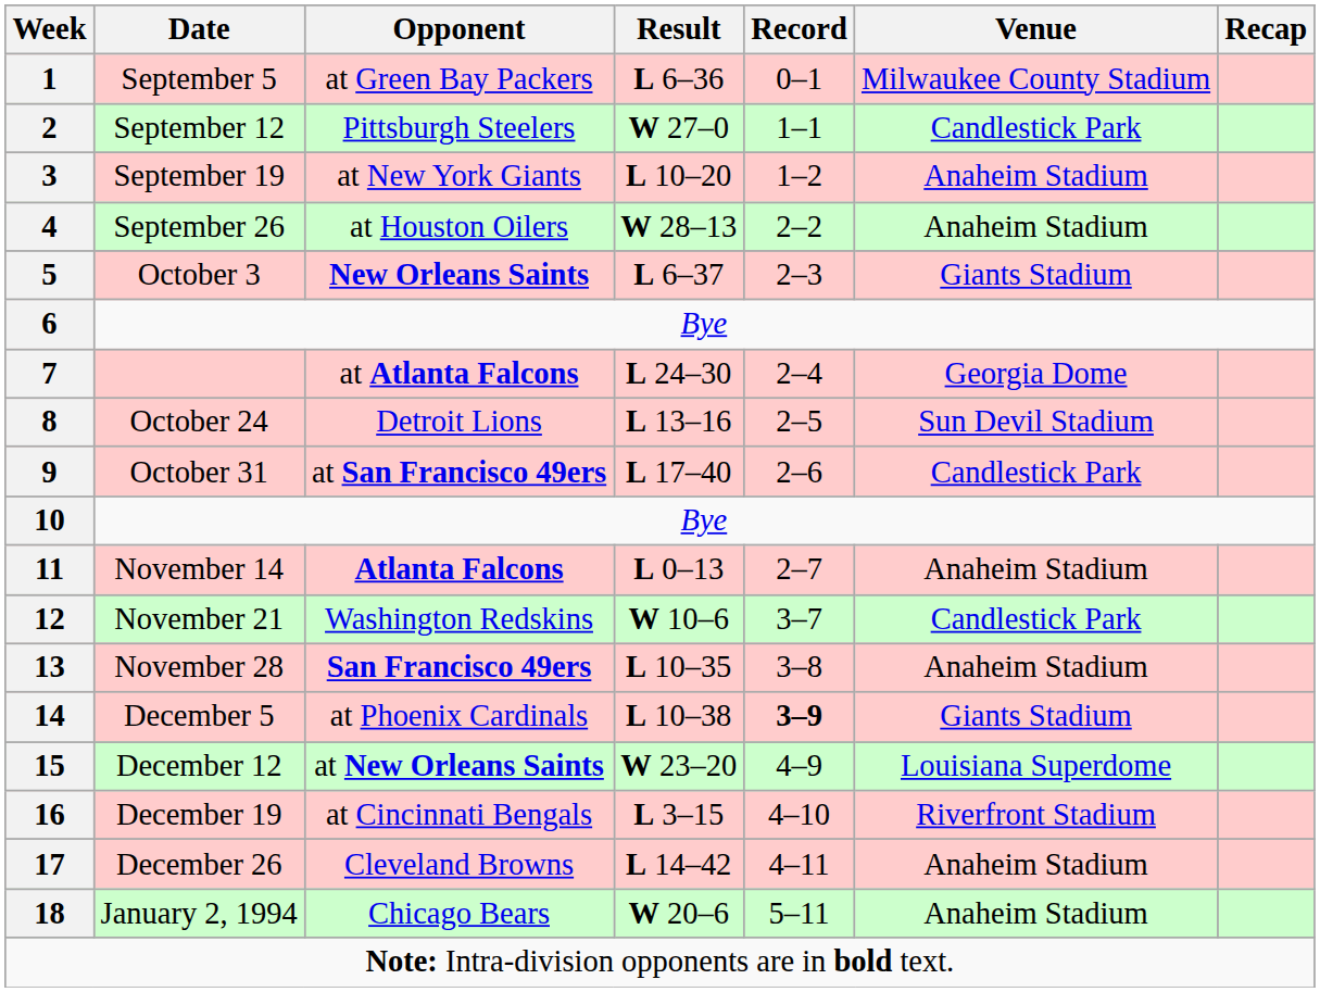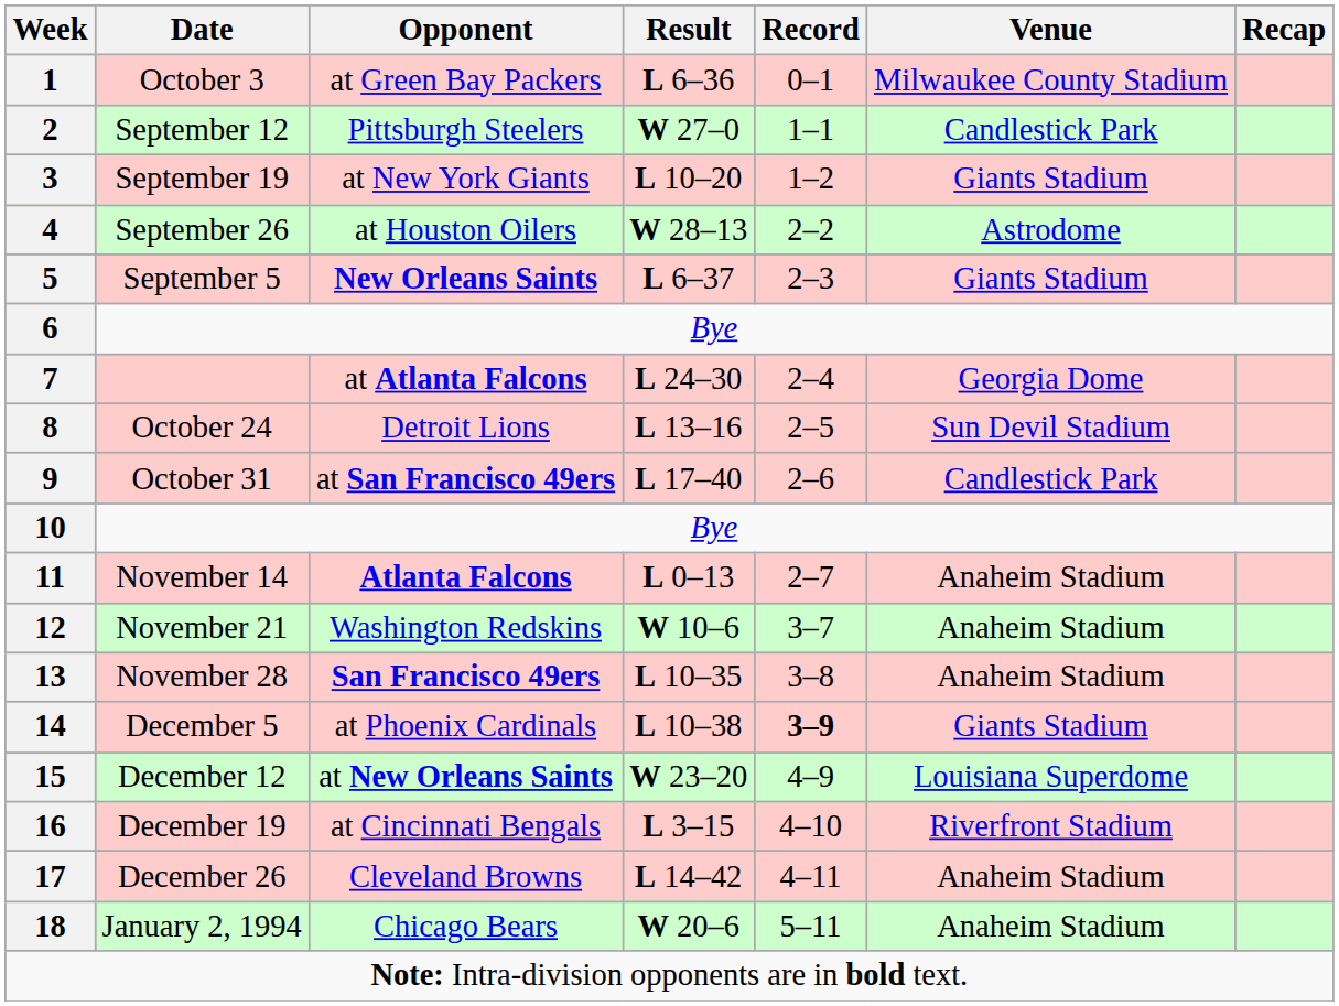 <table class="wikitable" style="text-align:center">
 <tr>
 <th>Week</th>
 <th>Date</th>
 <th>Opponent</th>
 <th>Result</th>
 <th>Record</th>
 <th>Venue</th>
 <th>Recap</th>
 </tr>
 <tr style="background:#fcc">
 <th>1</th>
-<td>September 5</td>
+<td>October 3</td>
 <td>at <a href='#'>Green Bay Packers</a></td>
 <td><strong>L</strong> 6–36</td>
 <td>0–1</td>
 <td><a href='#'>Milwaukee County Stadium</a></td>
 <td></td>
 </tr>
 <tr style="background:#cfc">
 <th>2</th>
 <td>September 12</td>
 <td><a href='#'>Pittsburgh Steelers</a></td>
 <td><strong>W</strong> 27–0</td>
 <td>1–1</td>
 <td><a href='#'>Candlestick Park</a></td>
 <td></td>
 </tr>
 <tr style="background:#fcc">
 <th>3</th>
 <td>September 19</td>
 <td>at <a href='#'>New York Giants</a></td>
 <td><strong>L</strong> 10–20</td>
 <td>1–2</td>
-<td><a href='#'>Anaheim Stadium</a></td>
+<td><a href='#'>Giants Stadium</a></td>
 <td></td>
 </tr>
 <tr style="background:#cfc">
 <th>4</th>
 <td>September 26</td>
 <td>at <a href='#'>Houston Oilers</a></td>
 <td><strong>W</strong> 28–13</td>
 <td>2–2</td>
-<td>Anaheim Stadium</td>
+<td><a href='#'>Astrodome</a></td>
 <td></td>
 </tr>
 <tr style="background:#fcc">
 <th>5</th>
-<td>October 3</td>
+<td>September 5</td>
 <td><strong><a href='#'>New Orleans Saints</a></strong></td>
 <td><strong>L</strong>  6–37</td>
 <td>2–3</td>
 <td><a href='#'>Giants Stadium</a></td>
 <td></td>
 </tr>
 <tr align="center">
 <th>6</th>
 <td colspan=10><em><a href='#'>Bye</a></em></td>
 </tr>
 <tr style="background:#fcc">
 <th>7</th>
 <td></td>
 <td>at <strong><a href='#'>Atlanta Falcons</a></strong></td>
 <td><strong>L</strong> 24–30</td>
 <td>2–4</td>
 <td><a href='#'>Georgia Dome</a></td>
 <td></td>
 </tr>
 <tr style="background:#fcc">
 <th>8</th>
 <td>October 24</td>
 <td><a href='#'>Detroit Lions</a></td>
 <td><strong>L</strong> 13–16</td>
 <td>2–5</td>
 <td><a href='#'>Sun Devil Stadium</a></td>
 <td></td>
 </tr>
 <tr style="background:#fcc">
 <th>9</th>
 <td>October 31</td>
 <td>at <strong><a href='#'>San Francisco 49ers</a></strong></td>
 <td><strong>L</strong> 17–40</td>
 <td>2–6</td>
 <td><a href='#'>Candlestick Park</a></td>
 <td></td>
 </tr>
 <tr>
 <th>10</th>
 <td colspan=6><em><a href='#'>Bye</a></em></td>
 </tr>
 <tr style="background:#fcc">
 <th>11</th>
 <td>November 14</td>
 <td><strong><a href='#'>Atlanta Falcons</a></strong></td>
 <td><strong>L</strong> 0–13</td>
 <td>2–7</td>
 <td>Anaheim Stadium</td>
 <td></td>
 </tr>
 <tr style="background:#cfc">
 <th>12</th>
 <td>November 21</td>
 <td><a href='#'>Washington Redskins</a></td>
 <td><strong>W</strong> 10–6</td>
 <td>3–7</td>
-<td><a href='#'>Candlestick Park</a></td>
+<td>Anaheim Stadium</td>
 <td></td>
 </tr>
 <tr style="background:#fcc">
 <th>13</th>
 <td>November 28</td>
 <td><strong><a href='#'>San Francisco 49ers</a></strong></td>
 <td><strong>L</strong> 10–35</td>
 <td>3–8</td>
 <td>Anaheim Stadium</td>
 <td></td>
 </tr>
 <tr style="background:#fcc">
 <th>14</th>
 <td>December 5</td>
 <td>at  <a href='#'>Phoenix Cardinals</a></td>
 <td><strong>L</strong> 10–38</td>
 <td><strong>3–9</strong></td>
 <td><a href='#'>Giants Stadium</a></td>
 <td></td>
 </tr>
 <tr style="background:#cfc">
 <th>15</th>
 <td>December 12</td>
 <td>at <strong><a href='#'>New Orleans Saints</a></strong></td>
 <td><strong>W</strong> 23–20</td>
 <td>4–9</td>
 <td><a href='#'>Louisiana Superdome</a></td>
 <td></td>
 </tr>
 <tr style="background:#fcc">
 <th>16</th>
 <td>December 19</td>
 <td>at <a href='#'>Cincinnati Bengals</a></td>
 <td><strong>L</strong> 3–15</td>
 <td>4–10</td>
 <td><a href='#'>Riverfront Stadium</a></td>
 <td></td>
 </tr>
 <tr style="background:#fcc">
 <th>17</th>
 <td>December 26</td>
 <td><a href='#'>Cleveland Browns</a></td>
 <td><strong>L</strong> 14–42</td>
 <td>4–11</td>
 <td>Anaheim Stadium</td>
 <td></td>
 </tr>
 <tr style="background:#cfc">
 <th>18</th>
 <td>January 2, 1994</td>
 <td><a href='#'>Chicago Bears</a></td>
 <td><strong>W</strong> 20–6</td>
 <td>5–11</td>
 <td>Anaheim Stadium</td>
 <td></td>
 </tr>
 <tr>
 <td colspan="8"><strong>Note:</strong> Intra-division opponents are in <strong>bold</strong> text.</td>
 </tr>
 </table>
